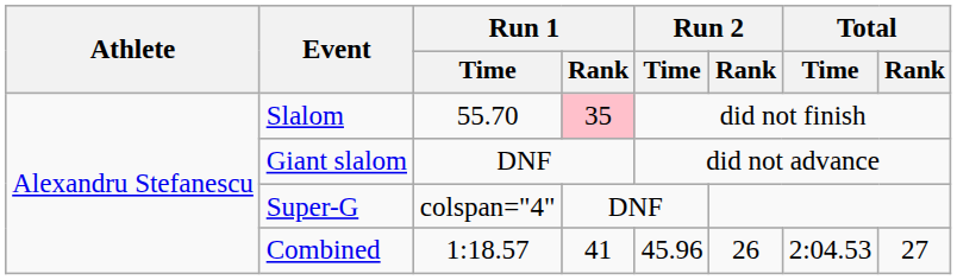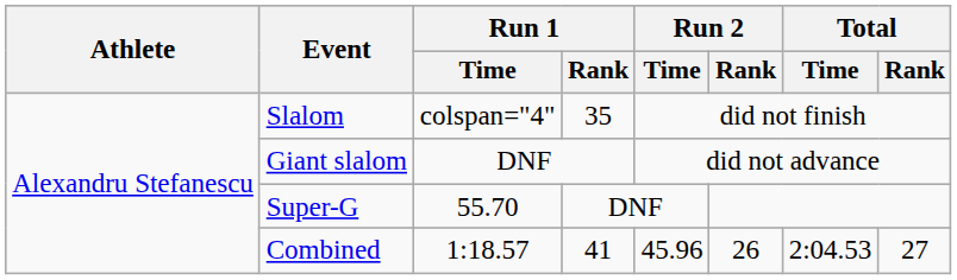 <table class="wikitable" style="font-size:90%">
 <tr>
 <th rowspan=2>Athlete</th>
 <th rowspan=2>Event</th>
 <th colspan=2>Run 1</th>
 <th colspan=2>Run 2</th>
 <th colspan=2>Total</th>
 </tr>
 <tr style="font-size:95%">
 <th>Time</th>
 <th>Rank</th>
 <th>Time</th>
 <th>Rank</th>
 <th>Time</th>
 <th>Rank</th>
 </tr>
 <tr align=center>
 <td align="left" rowspan="4"><a href='#'>Alexandru Stefanescu</a></td>
 <td align="left"><a href='#'>Slalom</a></td>
-<td>55.70</td>
-<td style="background: pink;">35</td>
+<td>colspan="4" </td>
+<td>35</td>
 <td colspan=4>did not finish</td>
 </tr>
 <tr align=center>
 <td align="left"><a href='#'>Giant slalom</a></td>
 <td colspan=2>DNF</td>
 <td colspan=4>did not advance</td>
 </tr>
 <tr align=center>
 <td align="left"><a href='#'>Super-G</a></td>
-<td>colspan="4" </td>
+<td>55.70</td>
 <td colspan=2>DNF</td>
 </tr>
 <tr align=center>
 <td align="left"><a href='#'>Combined</a></td>
 <td>1:18.57</td>
 <td>41</td>
 <td>45.96</td>
 <td>26</td>
 <td>2:04.53</td>
 <td>27</td>
 </tr>
 </table>
